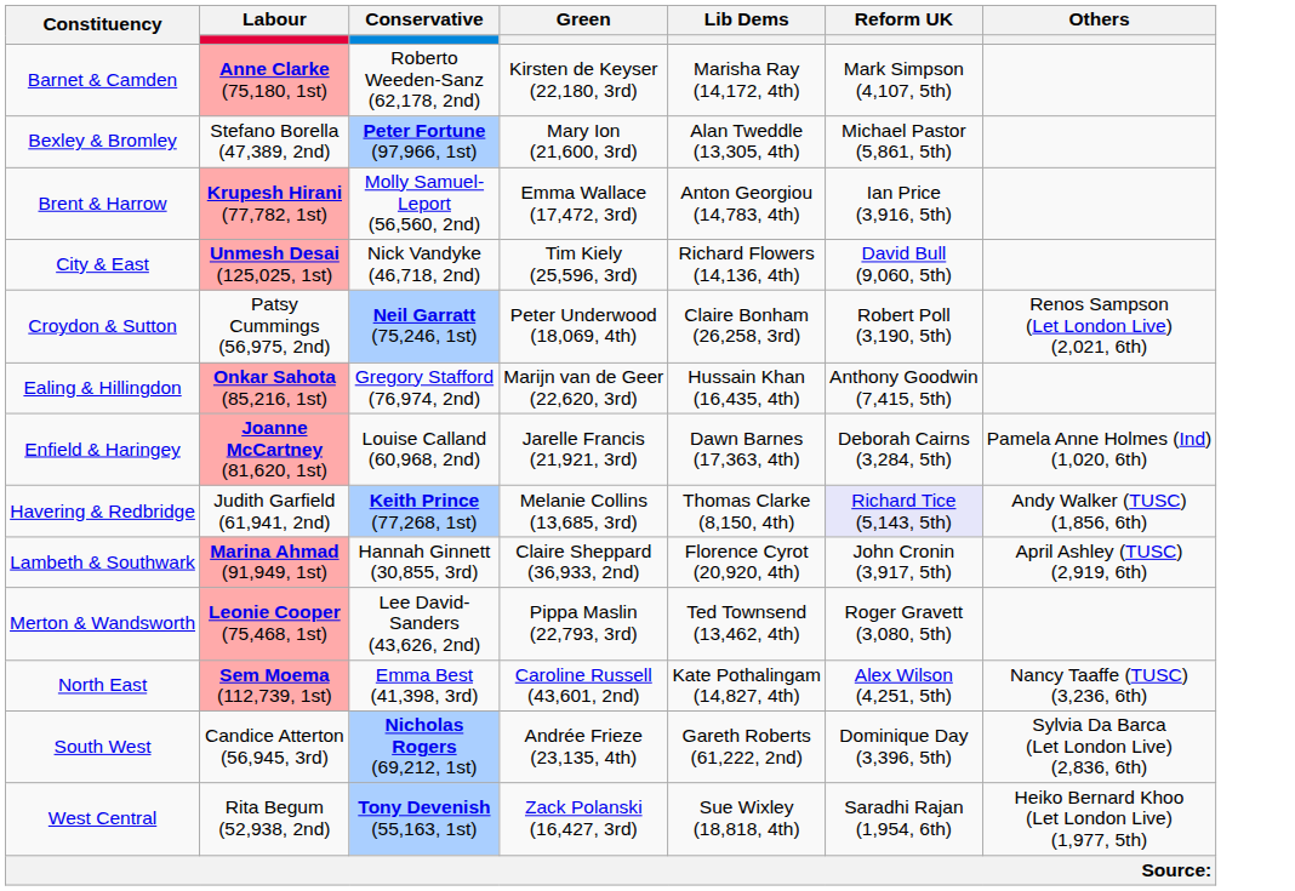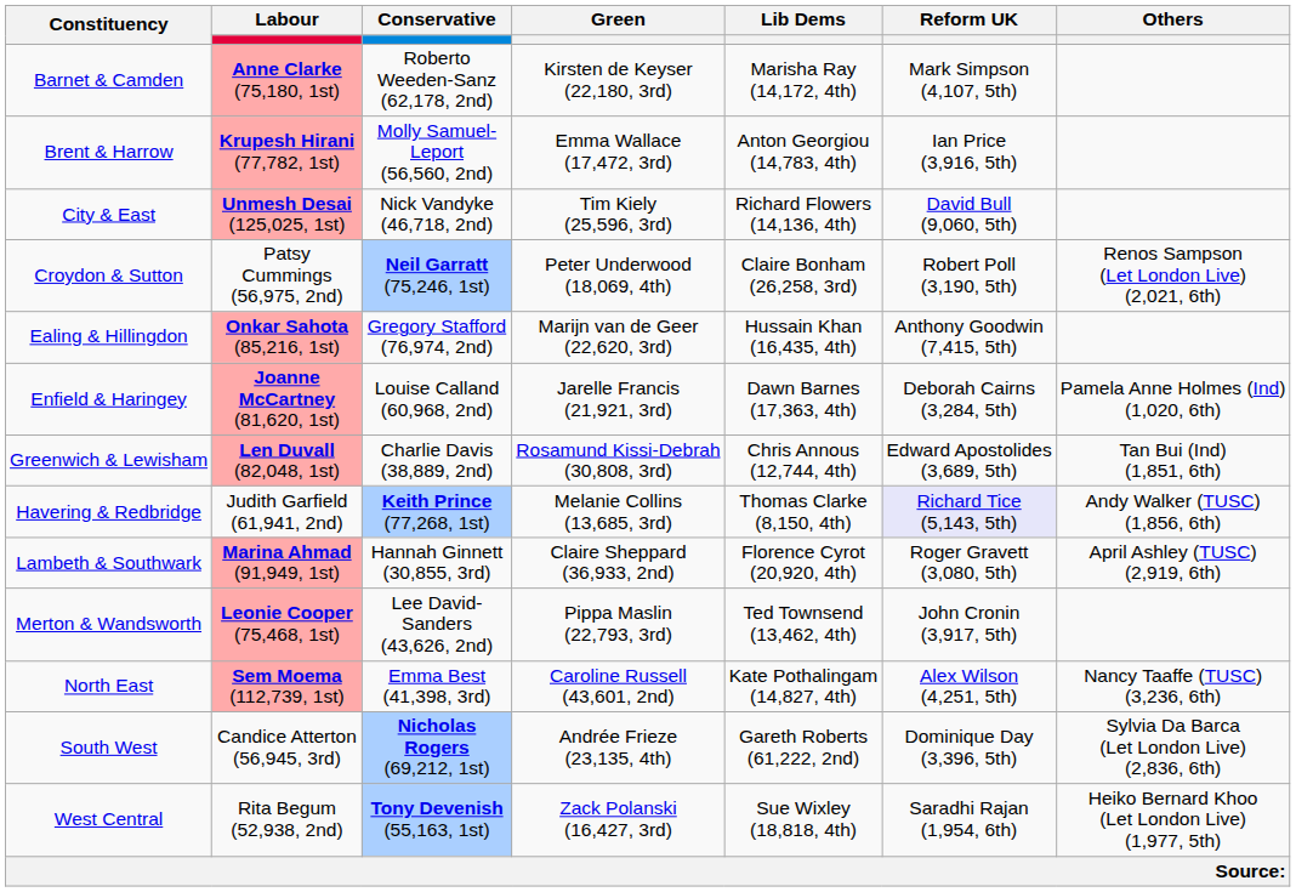 <table class="wikitable" style="text-align: center;">
 <tr>
 <th rowspan="2">Constituency</th>
 <th>Labour</th>
 <th>Conservative</th>
 <th>Green</th>
 <th>Lib Dems</th>
 <th>Reform UK</th>
 <th>Others</th>
 </tr>
 <tr>
 <th style="background:#e4003b; color:white; width:120px;"></th>
 <th style="background:#0087dc; color:white; width:120px;"></th>
 <th style="background:"></th>
 <th style="background:"></th>
 <th style="background:"></th>
 <th color:white; width:120px;></th>
 </tr>
 <tr>
 <td><a href='#'>Barnet & Camden</a></td>
 <td style="background:#faa;"><strong><a href='#'>Anne Clarke</a></strong><br>(75,180, 1st)</td>
 <td>Roberto Weeden-Sanz<br>(62,178, 2nd)</td>
 <td>Kirsten de Keyser<br>(22,180, 3rd)</td>
 <td>Marisha Ray<br>(14,172, 4th)</td>
 <td>Mark Simpson<br>(4,107, 5th)</td>
-<td></td>
-</tr>
-<tr>
-<td><a href='#'>Bexley & Bromley</a></td>
-<td>Stefano Borella<br>(47,389, 2nd)</td>
-<td style="background:#aacfff"><strong><a href='#'>Peter Fortune</a></strong><br>(97,966, 1st)</td>
-<td>Mary Ion<br>(21,600, 3rd)</td>
-<td>Alan Tweddle<br>(13,305, 4th)</td>
-<td>Michael Pastor<br>(5,861, 5th)</td>
 <td></td>
 </tr>
 <tr>
 <td><a href='#'>Brent & Harrow</a></td>
 <td style="background:#faa;"><strong><a href='#'>Krupesh Hirani</a></strong><br>(77,782, 1st)</td>
 <td><a href='#'>Molly Samuel-Leport</a><br>(56,560, 2nd)</td>
 <td>Emma Wallace<br>(17,472, 3rd)</td>
 <td>Anton Georgiou<br>(14,783, 4th)</td>
 <td>Ian Price<br>(3,916, 5th)</td>
 <td></td>
 </tr>
 <tr>
 <td><a href='#'>City & East</a></td>
 <td style="background:#faa;"><strong><a href='#'>Unmesh Desai</a></strong><br>(125,025, 1st)</td>
 <td>Nick Vandyke<br>(46,718, 2nd)</td>
 <td>Tim Kiely<br>(25,596, 3rd)</td>
 <td>Richard Flowers<br>(14,136, 4th)</td>
 <td><a href='#'>David Bull</a><br>(9,060, 5th)</td>
 <td></td>
 </tr>
 <tr>
 <td><a href='#'>Croydon & Sutton</a></td>
 <td>Patsy Cummings<br>(56,975, 2nd)</td>
 <td style="background:#aacfff"><strong><a href='#'>Neil Garratt</a></strong><br>(75,246, 1st)</td>
 <td>Peter Underwood<br>(18,069, 4th)</td>
 <td>Claire Bonham<br>(26,258, 3rd)</td>
 <td>Robert Poll<br>(3,190, 5th)</td>
 <td>Renos Sampson<br>(<a href='#'>Let London Live</a>)<br>(2,021, 6th)</td>
 </tr>
 <tr>
 <td><a href='#'>Ealing & Hillingdon</a></td>
 <td style="background:#faa;"><strong><a href='#'>Onkar Sahota</a></strong><br>(85,216, 1st)</td>
 <td><a href='#'>Gregory Stafford</a><br>(76,974, 2nd)</td>
 <td>Marijn van de Geer<br>(22,620, 3rd)</td>
 <td>Hussain Khan<br>(16,435, 4th)</td>
 <td>Anthony Goodwin<br>(7,415, 5th)</td>
 <td></td>
 </tr>
 <tr>
 <td><a href='#'>Enfield & Haringey</a></td>
 <td style="background:#faa;"><strong><a href='#'>Joanne McCartney</a></strong><br>(81,620, 1st)</td>
 <td>Louise Calland<br>(60,968, 2nd)</td>
 <td>Jarelle Francis<br>(21,921, 3rd)</td>
 <td>Dawn Barnes<br>(17,363, 4th)</td>
 <td>Deborah Cairns<br>(3,284, 5th)</td>
 <td>Pamela Anne Holmes (<a href='#'>Ind</a>)<br>(1,020, 6th)</td>
 </tr>
 <tr>
+<td><a href='#'>Greenwich & Lewisham</a></td>
+<td style="background:#faa;"><strong><a href='#'>Len Duvall</a></strong><br>(82,048, 1st)</td>
+<td>Charlie Davis<br>(38,889, 2nd)</td>
+<td><a href='#'>Rosamund Kissi-Debrah</a><br>(30,808, 3rd)</td>
+<td>Chris Annous<br>(12,744, 4th)</td>
+<td>Edward Apostolides<br>(3,689, 5th)</td>
+<td>Tan Bui (Ind)<br>(1,851, 6th)</td>
+</tr>
+<tr>
 <td><a href='#'>Havering & Redbridge</a></td>
 <td>Judith Garfield<br>(61,941, 2nd)</td>
 <td style="background:#aacfff"><strong><a href='#'>Keith Prince</a></strong><br>(77,268, 1st)</td>
 <td>Melanie Collins<br>(13,685, 3rd)</td>
 <td>Thomas Clarke<br>(8,150, 4th)</td>
 <td style="background: lavender;"><a href='#'>Richard Tice</a><br>(5,143, 5th)</td>
 <td>Andy Walker (<a href='#'>TUSC</a>)<br>(1,856, 6th)</td>
 </tr>
 <tr>
 <td><a href='#'>Lambeth & Southwark</a></td>
 <td style="background:#faa;"><strong><a href='#'>Marina Ahmad</a></strong><br>(91,949, 1st)</td>
 <td>Hannah Ginnett<br>(30,855, 3rd)</td>
 <td>Claire Sheppard<br>(36,933, 2nd)</td>
 <td>Florence Cyrot<br>(20,920, 4th)</td>
-<td>John Cronin<br>(3,917, 5th)</td>
+<td>Roger Gravett<br>(3,080, 5th)</td>
 <td>April Ashley (<a href='#'>TUSC</a>)<br>(2,919, 6th)</td>
 </tr>
 <tr>
 <td><a href='#'>Merton & Wandsworth</a></td>
 <td style="background:#faa;"><strong><a href='#'>Leonie Cooper</a></strong><br>(75,468, 1st)</td>
 <td>Lee David-Sanders<br>(43,626, 2nd)</td>
 <td>Pippa Maslin<br>(22,793, 3rd)</td>
 <td>Ted Townsend<br>(13,462, 4th)</td>
-<td>Roger Gravett<br>(3,080, 5th)</td>
+<td>John Cronin<br>(3,917, 5th)</td>
 <td></td>
 </tr>
 <tr>
 <td><a href='#'>North East</a></td>
 <td style="background:#faa;"><strong><a href='#'>Sem Moema</a></strong><br>(112,739, 1st)</td>
 <td><a href='#'>Emma Best</a><br>(41,398, 3rd)</td>
 <td><a href='#'>Caroline Russell</a><br>(43,601, 2nd)</td>
 <td>Kate Pothalingam<br>(14,827, 4th)</td>
 <td><a href='#'>Alex Wilson</a><br>(4,251, 5th)</td>
 <td>Nancy Taaffe (<a href='#'>TUSC</a>)<br>(3,236, 6th)</td>
 </tr>
 <tr>
 <td><a href='#'>South West</a></td>
 <td>Candice Atterton<br>(56,945, 3rd)</td>
 <td style="background:#aacfff"><strong><a href='#'>Nicholas Rogers</a></strong><br>(69,212, 1st)</td>
 <td>Andrée Frieze<br>(23,135, 4th)</td>
 <td>Gareth Roberts<br>(61,222, 2nd)</td>
 <td>Dominique Day<br>(3,396, 5th)</td>
 <td>Sylvia Da Barca<br>(Let London Live)<br>(2,836, 6th)</td>
 </tr>
 <tr>
 <td><a href='#'>West Central</a></td>
 <td>Rita Begum<br>(52,938, 2nd)</td>
 <td style="background:#aacfff"><strong><a href='#'>Tony Devenish</a></strong><br>(55,163, 1st)</td>
 <td><a href='#'>Zack Polanski</a><br>(16,427, 3rd)</td>
 <td>Sue Wixley<br>(18,818, 4th)</td>
 <td>Saradhi Rajan<br>(1,954, 6th)</td>
 <td>Heiko Bernard Khoo<br>(Let London Live)<br>(1,977, 5th)</td>
 </tr>
 <tr>
 <th colspan="7" style="text-align: right;">Source: </th>
 </tr>
 </table>
